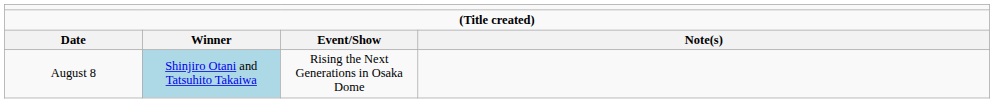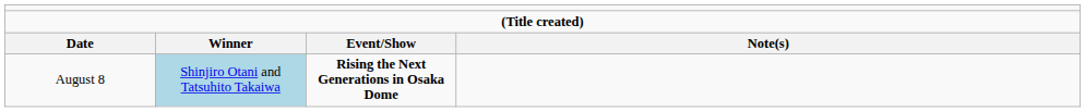 <table class="wikitable" style="text-align:center; width:100%;">
 <tr>
 <td colspan="5"></td>
 </tr>
 <tr>
 <td colspan="5"><strong>(Title created)</strong></td>
 </tr>
 <tr>
 <th width=14%>Date</th>
 <th width=14%>Winner</th>
 <th width=14%>Event/Show</th>
 <th width=58%>Note(s)</th>
 </tr>
 <tr>
 <td>August 8</td>
 <td style="background: lightblue;"><a href='#'>Shinjiro Otani</a> and <a href='#'>Tatsuhito Takaiwa</a></td>
-<td>Rising the Next Generations in Osaka Dome</td>
+<td><strong>Rising the Next Generations in Osaka Dome</strong></td>
 <td align="left"></td>
 </tr>
 </table>
